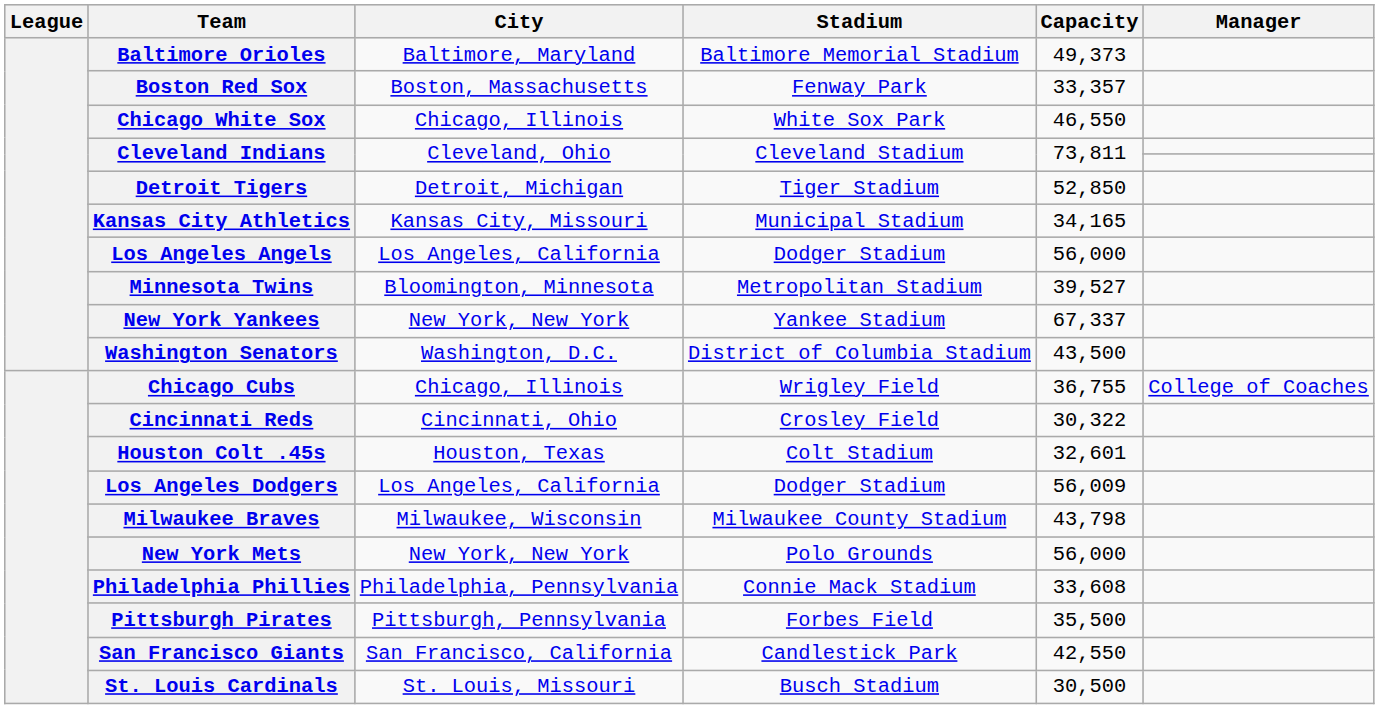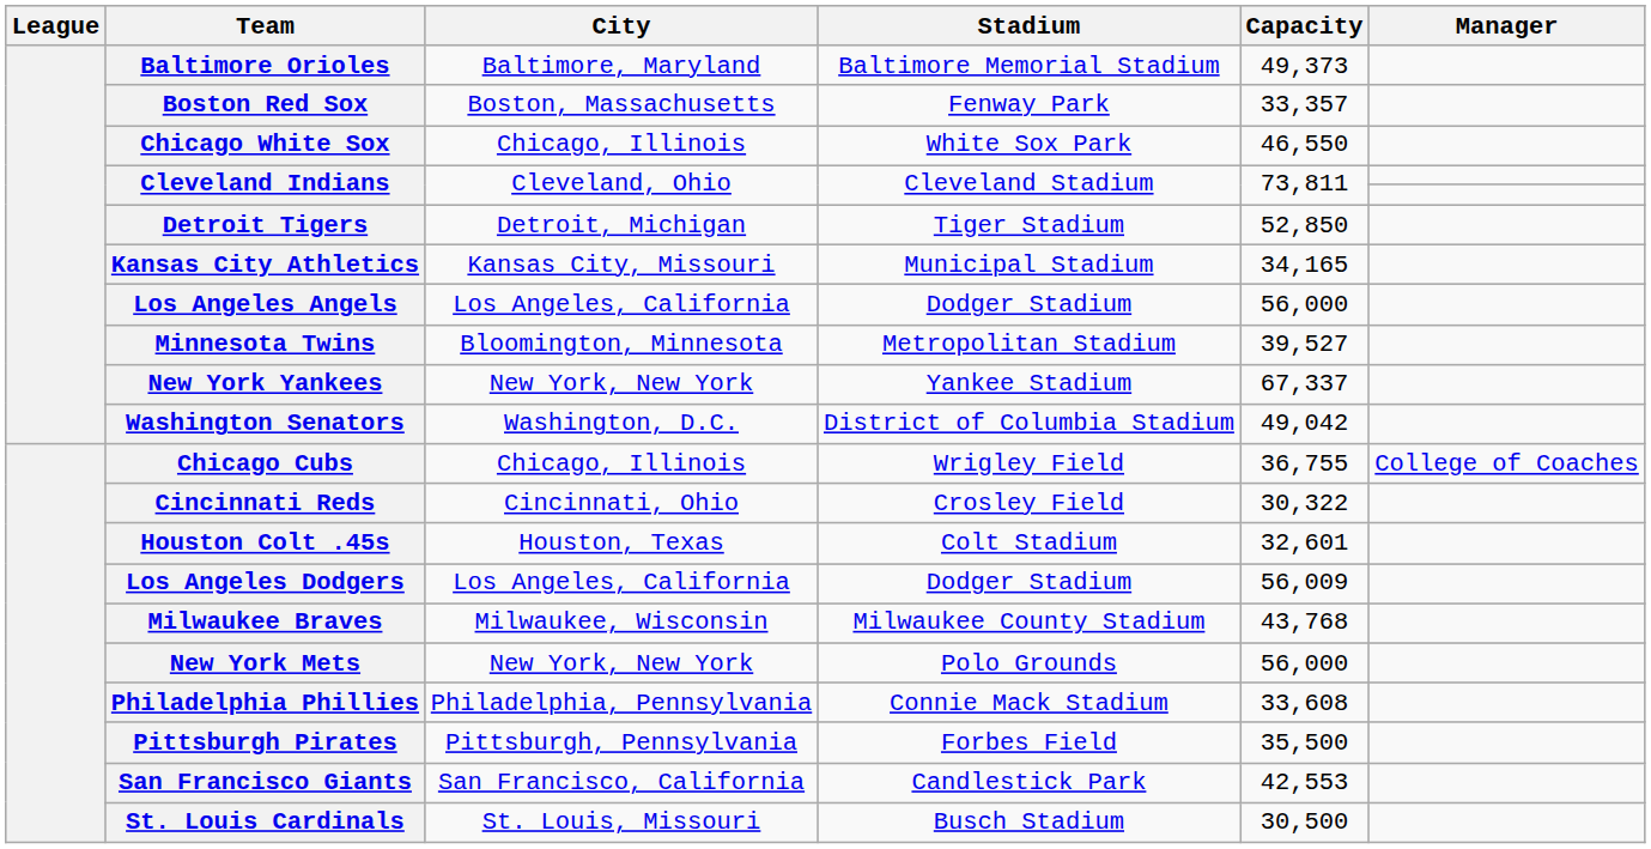 <table class="wikitable sortable plainrowheaders" style="text-align:center;">
 <tr>
 <th scope="col">League</th>
 <th scope="col">Team</th>
 <th scope="col">City</th>
 <th scope="col">Stadium</th>
 <th scope="col">Capacity</th>
 <th scope="col">Manager</th>
 </tr>
 <tr>
 <th rowspan="11"></th>
 <th scope="row"><a href='#'>Baltimore Orioles</a></th>
 <td><a href='#'>Baltimore, Maryland</a></td>
 <td><a href='#'>Baltimore Memorial Stadium</a></td>
 <td>49,373</td>
 <td></td>
 </tr>
 <tr>
 <th scope="row"><a href='#'>Boston Red Sox</a></th>
 <td><a href='#'>Boston, Massachusetts</a></td>
 <td><a href='#'>Fenway Park</a></td>
 <td>33,357</td>
 <td></td>
 </tr>
 <tr>
 <th scope="row"><a href='#'>Chicago White Sox</a></th>
 <td><a href='#'>Chicago, Illinois</a></td>
 <td><a href='#'>White Sox Park</a></td>
 <td>46,550</td>
 <td></td>
 </tr>
 <tr>
 <th rowspan="2" scope="row"><a href='#'>Cleveland Indians</a></th>
 <td rowspan="2"><a href='#'>Cleveland, Ohio</a></td>
 <td rowspan="2"><a href='#'>Cleveland Stadium</a></td>
 <td rowspan="2">73,811</td>
 <td></td>
 </tr>
 <tr>
 <td></td>
 </tr>
 <tr>
 <th scope="row"><a href='#'>Detroit Tigers</a></th>
 <td><a href='#'>Detroit, Michigan</a></td>
 <td><a href='#'>Tiger Stadium</a></td>
 <td>52,850</td>
 <td></td>
 </tr>
 <tr>
 <th scope="row"><a href='#'>Kansas City Athletics</a></th>
 <td><a href='#'>Kansas City, Missouri</a></td>
 <td><a href='#'>Municipal Stadium</a></td>
 <td>34,165</td>
 <td></td>
 </tr>
 <tr>
 <th scope="row"><a href='#'>Los Angeles Angels</a></th>
 <td><a href='#'>Los Angeles, California</a></td>
 <td><a href='#'>Dodger Stadium</a></td>
 <td>56,000</td>
 <td></td>
 </tr>
 <tr>
 <th scope="row"><a href='#'>Minnesota Twins</a></th>
 <td><a href='#'>Bloomington, Minnesota</a></td>
 <td><a href='#'>Metropolitan Stadium</a></td>
 <td>39,527</td>
 <td></td>
 </tr>
 <tr>
 <th scope="row"><a href='#'>New York Yankees</a></th>
 <td><a href='#'>New York, New York</a></td>
 <td><a href='#'>Yankee Stadium</a></td>
 <td>67,337</td>
 <td></td>
 </tr>
 <tr>
 <th scope="row"><a href='#'>Washington Senators</a></th>
 <td><a href='#'>Washington, D.C.</a></td>
 <td><a href='#'>District of Columbia Stadium</a></td>
-<td>43,500</td>
+<td>49,042</td>
 <td></td>
 </tr>
 <tr>
 <th rowspan="10"></th>
 <th scope="row"><a href='#'>Chicago Cubs</a></th>
 <td><a href='#'>Chicago, Illinois</a></td>
 <td><a href='#'>Wrigley Field</a></td>
 <td>36,755</td>
 <td><a href='#'>College of Coaches</a></td>
 </tr>
 <tr>
 <th scope="row"><a href='#'>Cincinnati Reds</a></th>
 <td><a href='#'>Cincinnati, Ohio</a></td>
 <td><a href='#'>Crosley Field</a></td>
 <td>30,322</td>
 <td></td>
 </tr>
 <tr>
 <th scope="row"><a href='#'>Houston Colt .45s</a></th>
 <td><a href='#'>Houston, Texas</a></td>
 <td><a href='#'>Colt Stadium</a></td>
 <td>32,601</td>
 <td></td>
 </tr>
 <tr>
 <th scope="row"><a href='#'>Los Angeles Dodgers</a></th>
 <td><a href='#'>Los Angeles, California</a></td>
 <td><a href='#'>Dodger Stadium</a></td>
 <td>56,009</td>
 <td></td>
 </tr>
 <tr>
 <th scope="row"><a href='#'>Milwaukee Braves</a></th>
 <td><a href='#'>Milwaukee, Wisconsin</a></td>
 <td><a href='#'>Milwaukee County Stadium</a></td>
-<td>43,798</td>
+<td>43,768</td>
 <td></td>
 </tr>
 <tr>
 <th scope="row"><a href='#'>New York Mets</a></th>
 <td><a href='#'>New York, New York</a></td>
 <td><a href='#'>Polo Grounds</a></td>
 <td>56,000</td>
 <td></td>
 </tr>
 <tr>
 <th scope="row"><a href='#'>Philadelphia Phillies</a></th>
 <td><a href='#'>Philadelphia, Pennsylvania</a></td>
 <td><a href='#'>Connie Mack Stadium</a></td>
 <td>33,608</td>
 <td></td>
 </tr>
 <tr>
 <th scope="row"><a href='#'>Pittsburgh Pirates</a></th>
 <td><a href='#'>Pittsburgh, Pennsylvania</a></td>
 <td><a href='#'>Forbes Field</a></td>
 <td>35,500</td>
 <td></td>
 </tr>
 <tr>
 <th scope="row"><a href='#'>San Francisco Giants</a></th>
 <td><a href='#'>San Francisco, California</a></td>
 <td><a href='#'>Candlestick Park</a></td>
-<td>42,550</td>
+<td>42,553</td>
 <td></td>
 </tr>
 <tr>
 <th scope="row"><a href='#'>St. Louis Cardinals</a></th>
 <td><a href='#'>St. Louis, Missouri</a></td>
 <td><a href='#'>Busch Stadium</a></td>
 <td>30,500</td>
 <td></td>
 </tr>
 </table>
